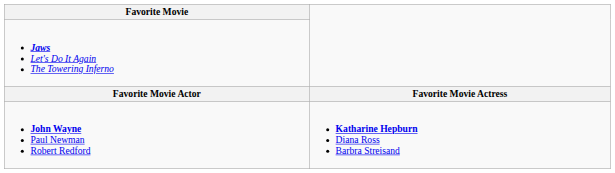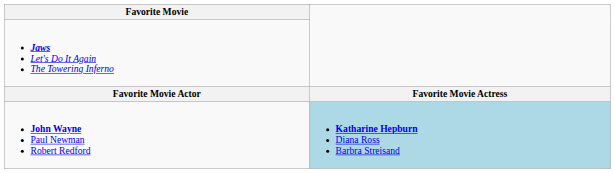 <table class="wikitable" style="width:80%;">
 <tr>
 <th>Favorite Movie</th>
 </tr>
 <tr>
 <td valign="top"><br><ul><li><strong><em><a href='#'>Jaws</a></em></strong></li><li><em><a href='#'>Let's Do It Again</a></em></li><li><em><a href='#'>The Towering Inferno</a></em></li></ul></td>
 </tr>
 <tr>
 <th>Favorite Movie Actor</th>
 <th>Favorite Movie Actress</th>
 </tr>
 <tr>
 <td valign="top"><br><ul><li><strong><a href='#'>John Wayne</a></strong></li><li><a href='#'>Paul Newman</a></li><li><a href='#'>Robert Redford</a></li></ul></td>
-<td valign="top"><br><ul><li><strong><a href='#'>Katharine Hepburn</a></strong></li><li><a href='#'>Diana Ross</a></li><li><a href='#'>Barbra Streisand</a></li></ul></td>
+<td valign="top" style="background: lightblue;"><br><ul><li><strong><a href='#'>Katharine Hepburn</a></strong></li><li><a href='#'>Diana Ross</a></li><li><a href='#'>Barbra Streisand</a></li></ul></td>
 </tr>
 </table>
